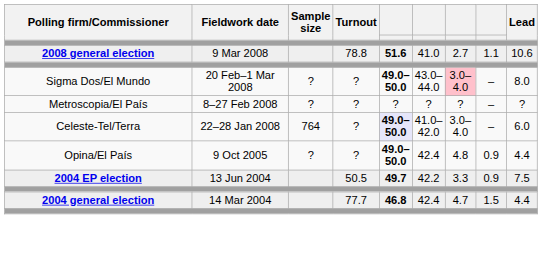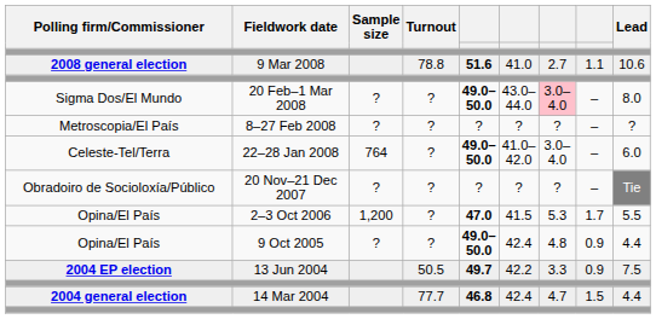 <table class="wikitable collapsible collapsed" style="text-align:center; font-size:95%; line-height:16px;">
 <tr style="height:42px;">
 <th style="width:250px;" rowspan="2">Polling firm/Commissioner</th>
 <th style="width:125px;" rowspan="2">Fieldwork date</th>
 <th style="width:50px;" rowspan="2">Sample size</th>
 <th style="width:45px;" rowspan="2">Turnout</th>
 <th style="width:35px;"></th>
 <th style="width:35px;"></th>
 <th style="width:35px;"></th>
 <th style="width:35px;"></th>
 <th style="width:30px;" rowspan="2">Lead</th>
 </tr>
 <tr>
 <th style="color:inherit;background:"></th>
 <th style="color:inherit;background:"></th>
 <th style="color:inherit;background:"></th>
 <th style="color:inherit;background:"></th>
 </tr>
 <tr>
 <td colspan="9" style="background:#A0A0A0"></td>
 </tr>
 <tr style="background:#EFEFEF;">
 <td><strong><a href='#'>2008 general election</a></strong></td>
 <td>9 Mar 2008</td>
 <td></td>
 <td>78.8</td>
 <td><strong>51.6</strong><br></td>
 <td>41.0<br></td>
 <td>2.7<br></td>
 <td>1.1<br></td>
 <td style="background:">10.6</td>
 </tr>
 <tr>
 <td colspan="9" style="background:#A0A0A0"></td>
 </tr>
 <tr>
 <td>Sigma Dos/El Mundo</td>
 <td>20 Feb–1 Mar 2008</td>
 <td>?</td>
 <td>?</td>
 <td><strong>49.0–<br>50.0</strong><br></td>
 <td>43.0–<br>44.0<br></td>
 <td style="background: pink;">3.0–<br>4.0<br></td>
 <td>–</td>
 <td style="background:">8.0</td>
 </tr>
 <tr>
 <td>Metroscopia/El País</td>
 <td>8–27 Feb 2008</td>
 <td>?</td>
 <td>?</td>
 <td>?<br></td>
 <td>?<br></td>
 <td>?<br></td>
 <td>–</td>
 <td style="background:">?</td>
 </tr>
 <tr>
 <td>Celeste-Tel/Terra</td>
 <td>22–28 Jan 2008</td>
 <td>764</td>
 <td>?</td>
-<td style="background: lavender;"><strong>49.0–<br>50.0</strong><br></td>
+<td><strong>49.0–<br>50.0</strong><br></td>
 <td>41.0–<br>42.0<br></td>
 <td>3.0–<br>4.0<br></td>
 <td>–</td>
 <td style="background:">6.0</td>
+</tr>
+<tr>
+<td>Obradoiro de Socioloxía/Público</td>
+<td>20 Nov–21 Dec 2007</td>
+<td>?</td>
+<td>?</td>
+<td>?<br></td>
+<td>?<br></td>
+<td>?</td>
+<td>–</td>
+<td style="background:gray;color:white;">Tie</td>
+</tr>
+<tr>
+<td>Opina/El País</td>
+<td>2–3 Oct 2006</td>
+<td>1,200</td>
+<td>?</td>
+<td><strong>47.0</strong></td>
+<td>41.5</td>
+<td>5.3</td>
+<td>1.7</td>
+<td style="background:">5.5</td>
 </tr>
 <tr>
 <td>Opina/El País</td>
 <td>9 Oct 2005</td>
 <td>?</td>
 <td>?</td>
 <td><strong>49.0–<br>50.0</strong><br></td>
 <td>42.4</td>
 <td>4.8</td>
 <td>0.9</td>
 <td style="background:">4.4</td>
 </tr>
 <tr style="background:#EFEFEF;">
 <td><strong><a href='#'>2004 EP election</a></strong></td>
 <td>13 Jun 2004</td>
 <td></td>
 <td>50.5</td>
 <td><strong>49.7</strong><br></td>
 <td>42.2<br></td>
 <td>3.3<br></td>
 <td>0.9</td>
 <td style="background:">7.5</td>
 </tr>
 <tr>
 <td colspan="9" style="background:#A0A0A0"></td>
 </tr>
 <tr style="background:#EFEFEF;">
 <td><strong><a href='#'>2004 general election</a></strong></td>
 <td>14 Mar 2004</td>
 <td></td>
 <td>77.7</td>
 <td><strong>46.8</strong><br></td>
 <td>42.4<br></td>
 <td>4.7<br></td>
 <td>1.5<br></td>
 <td style="background:">4.4</td>
 </tr>
 <tr>
 <td colspan="9" style="background:#A0A0A0"></td>
 </tr>
 </table>
